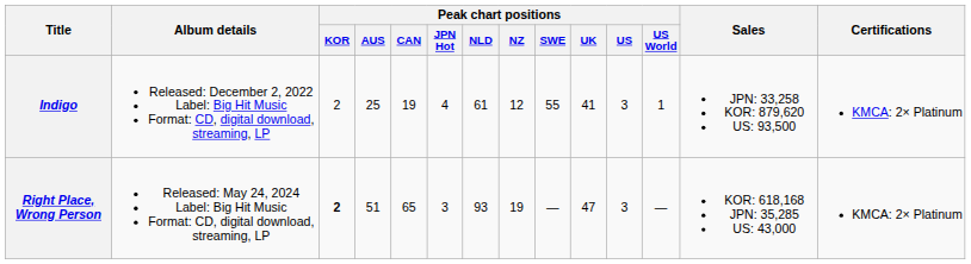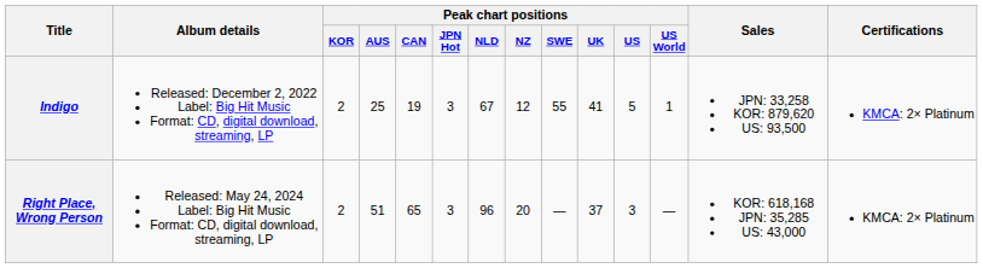 <table class="wikitable plainrowheaders" style="text-align:center;">
 <tr>
 <th scope="col" rowspan="2" style="width:8em;">Title</th>
 <th scope="col" rowspan="2" style="width:16em;">Album details</th>
 <th scope="col" colspan="10">Peak chart positions</th>
 <th scope="col" rowspan="2" style="width:10.5em;">Sales</th>
 <th scope="col" rowspan="2">Certifications</th>
 </tr>
 <tr>
 <th scope="col" style="width:2.7em;font-size:90%;"><a href='#'>KOR</a><br></th>
 <th scope="col" style="width:2.7em;font-size:90%;"><a href='#'>AUS</a><br></th>
 <th scope="col" style="width:2.7em;font-size:90%;"><a href='#'>CAN</a><br></th>
 <th scope="col" style="width:2.7em;font-size:90%;"><a href='#'>JPN<br>Hot</a><br></th>
 <th scope="col" style="width:2.7em;font-size:90%;"><a href='#'>NLD</a><br></th>
 <th scope="col" style="width:2.7em;font-size:90%;"><a href='#'>NZ</a><br></th>
 <th scope="col" style="width:2.7em;font-size:90%;"><a href='#'>SWE</a><br></th>
 <th scope="col" style="width:2.7em;font-size:90%;"><a href='#'>UK</a><br></th>
 <th scope="col" style="width:2.7em;font-size:90%;"><a href='#'>US</a><br></th>
 <th scope="col" style="width:2.7em;font-size:90%;"><a href='#'>US<br>World</a><br></th>
 </tr>
 <tr>
 <th scope="row"><em><a href='#'>Indigo</a></em></th>
 <td><br><ul><li>Released: December 2, 2022</li><li>Label: <a href='#'>Big Hit Music</a></li><li>Format: <a href='#'>CD</a>, <a href='#'>digital download</a>, <a href='#'>streaming</a>, <a href='#'>LP</a></li></ul></td>
 <td>2</td>
 <td>25</td>
 <td>19</td>
-<td>4</td>
-<td>61</td>
+<td>3</td>
+<td>67</td>
 <td>12</td>
 <td>55</td>
 <td>41</td>
-<td>3</td>
+<td>5</td>
 <td>1</td>
 <td><br><ul><li>JPN: 33,258</li><li>KOR: 879,620</li><li>US: 93,500</li></ul></td>
 <td><br><ul><li><a href='#'>KMCA</a>: 2× Platinum</li></ul></td>
 </tr>
 <tr>
 <th scope="row"><em><a href='#'>Right Place, Wrong Person</a></em></th>
 <td><br><ul><li>Released: May 24, 2024</li><li>Label: Big Hit Music</li><li>Format: CD, digital download, streaming, LP</li></ul></td>
-<td><strong>2</strong></td>
+<td>2</td>
 <td>51</td>
 <td>65</td>
 <td>3</td>
-<td>93</td>
-<td>19</td>
+<td>96</td>
+<td>20</td>
 <td>—</td>
-<td>47</td>
+<td>37</td>
 <td>3</td>
 <td>—</td>
 <td><br><ul><li>KOR: 618,168</li><li>JPN: 35,285</li><li>US: 43,000</li></ul></td>
 <td><br><ul><li>KMCA: 2× Platinum</li></ul></td>
 </tr>
 </table>
